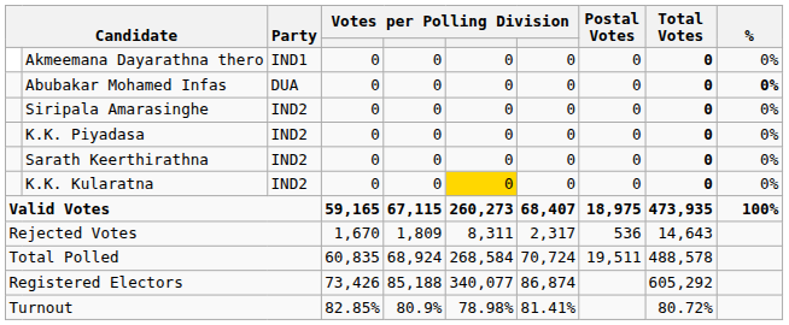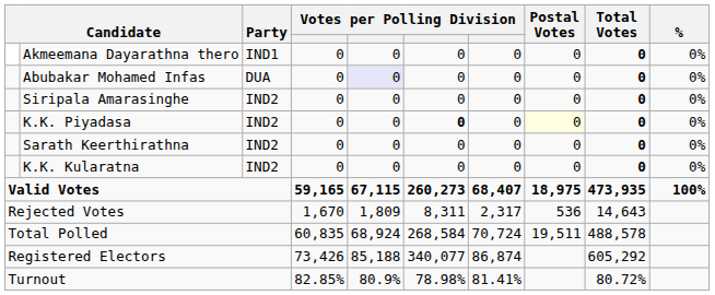 <table class="wikitable" border="1" style="text-align:right;">
 <tr>
 <th align=left valign=bottom rowspan=2 colspan=2 width="180">Candidate</th>
 <th align=left valign=bottom rowspan=2 width="40">Party</th>
 <th colspan=4>Votes per Polling Division</th>
 <th align=center valign=bottom rowspan=2 width="50">Postal<br>Votes</th>
 <th align=center valign=bottom rowspan=2 width="50">Total Votes</th>
 <th align=center valign=bottom rowspan=2 width="50">%</th>
 </tr>
 <tr>
 <th></th>
 <th></th>
 <th></th>
 <th></th>
 </tr>
 <tr>
 <td bgcolor="white"> </td>
 <td align=left>Akmeemana Dayarathna thero</td>
 <td align=left>IND1</td>
 <td>0</td>
 <td>0</td>
 <td>0</td>
 <td>0</td>
 <td>0</td>
 <td><strong>0</strong></td>
 <td>0%</td>
 </tr>
 <tr>
 <td bgcolor=> </td>
 <td align=left>Abubakar Mohamed Infas</td>
 <td align=left>DUA</td>
 <td>0</td>
-<td>0</td>
+<td style="background: lavender;">0</td>
 <td>0</td>
 <td>0</td>
 <td>0</td>
 <td><strong>0</strong></td>
-<td><strong>0%</strong></td>
+<td>0%</td>
 </tr>
 <tr>
 <td bgcolor=> </td>
 <td align=left>Siripala Amarasinghe</td>
 <td align=left>IND2</td>
 <td>0</td>
 <td>0</td>
 <td>0</td>
 <td>0</td>
 <td>0</td>
 <td><strong>0</strong></td>
 <td>0%</td>
 </tr>
 <tr>
 <td bgcolor=> </td>
 <td align=left>K.K. Piyadasa</td>
 <td align=left>IND2</td>
 <td>0</td>
 <td>0</td>
+<td><strong>0</strong></td>
 <td>0</td>
-<td>0</td>
-<td>0</td>
+<td style="background: lightyellow;">0</td>
 <td><strong>0</strong></td>
 <td>0%</td>
 </tr>
 <tr>
 <td bgcolor=> </td>
 <td align=left>Sarath Keerthirathna</td>
 <td align=left>IND2</td>
 <td>0</td>
 <td>0</td>
 <td>0</td>
 <td>0</td>
 <td>0</td>
 <td><strong>0</strong></td>
 <td>0%</td>
 </tr>
 <tr>
 <td bgcolor=> </td>
 <td align=left>K.K. Kularatna</td>
 <td align=left>IND2</td>
 <td>0</td>
 <td>0</td>
-<td style="background: gold;">0</td>
+<td>0</td>
 <td>0</td>
 <td>0</td>
 <td><strong>0</strong></td>
 <td>0%</td>
 </tr>
 <tr>
 <td align=left colspan=3><strong>Valid Votes</strong></td>
 <td><strong>59,165 </strong></td>
 <td><strong>67,115</strong></td>
 <td><strong>260,273</strong></td>
 <td><strong>68,407</strong></td>
 <td><strong>18,975</strong></td>
 <td><strong>473,935</strong></td>
 <td><strong>100%</strong></td>
 </tr>
 <tr>
 <td align=left colspan=3>Rejected Votes</td>
 <td>1,670</td>
 <td>1,809</td>
 <td>8,311</td>
 <td>2,317</td>
 <td>536</td>
 <td>14,643</td>
 <td></td>
 </tr>
 <tr>
 <td align=left colspan=3>Total Polled</td>
 <td>60,835</td>
 <td>68,924</td>
 <td>268,584</td>
 <td>70,724</td>
 <td>19,511</td>
 <td>488,578</td>
 <td></td>
 </tr>
 <tr>
 <td align=left colspan=3>Registered Electors</td>
 <td>73,426</td>
 <td>85,188</td>
 <td>340,077</td>
 <td>86,874</td>
 <td></td>
 <td>605,292</td>
 <td></td>
 </tr>
 <tr>
 <td align=left colspan=3>Turnout</td>
 <td>82.85%</td>
 <td>80.9%</td>
 <td>78.98%</td>
 <td>81.41%</td>
 <td></td>
 <td>80.72%</td>
 <td></td>
 </tr>
 </table>
